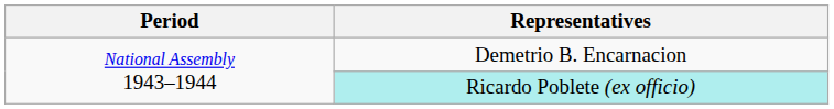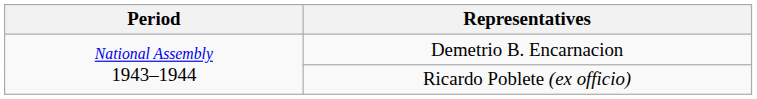 <table class="wikitable" style="text-align:center; width:40%;">
 <tr>
 <th width=40%>Period</th>
 <th>Representatives</th>
 </tr>
 <tr>
 <td rowspan=2><small><a href='#'><em>National Assembly</em></a></small><br>1943–1944</td>
 <td>Demetrio B. Encarnacion</td>
 </tr>
 <tr>
-<td style="background: paleturquoise;">Ricardo Poblete <em>(ex officio)</em></td>
+<td>Ricardo Poblete <em>(ex officio)</em></td>
 </tr>
 </table>
